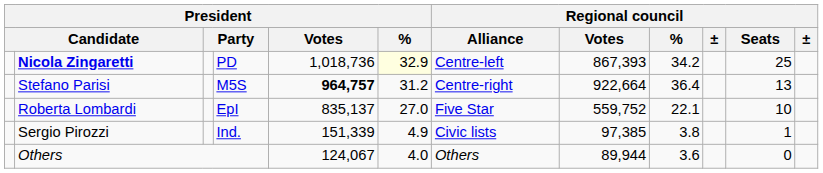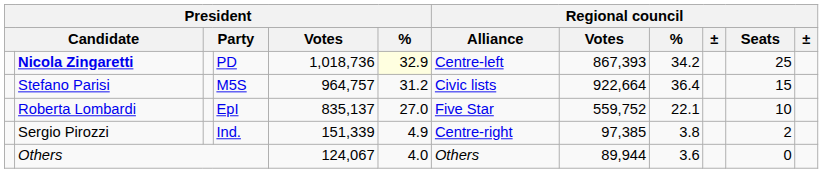 <table class="wikitable" style="text-align:right; style="width=70%">
 <tr>
 <th colspan="6">President</th>
 <th colspan="6">Regional council</th>
 </tr>
 <tr>
 <th colspan="2">Candidate</th>
 <th colspan="2">Party</th>
 <th>Votes</th>
 <th>%</th>
 <th>Alliance</th>
 <th>Votes</th>
 <th>%</th>
 <th>±</th>
 <th>Seats</th>
 <th>±</th>
 </tr>
 <tr>
 <td></td>
 <td style="text-align:left"><strong><a href='#'>Nicola Zingaretti</a></strong></td>
 <td></td>
 <td style="text-align:left"><a href='#'>PD</a></td>
 <td>1,018,736</td>
 <td style="background: lightyellow;">32.9</td>
 <td style="text-align:left"><a href='#'>Centre-left</a></td>
 <td>867,393</td>
 <td>34.2</td>
 <td></td>
 <td>25</td>
 <td></td>
 </tr>
 <tr>
 <td></td>
 <td style="text-align:left"><a href='#'>Stefano Parisi</a></td>
 <td></td>
 <td style="text-align:left"><a href='#'>M5S</a></td>
-<td><strong>964,757</strong></td>
+<td>964,757</td>
 <td>31.2</td>
-<td style="text-align:left"><a href='#'>Centre-right</a></td>
+<td style="text-align:left"><a href='#'>Civic lists</a></td>
 <td>922,664</td>
 <td>36.4</td>
 <td></td>
-<td>13</td>
+<td>15</td>
 <td></td>
 </tr>
 <tr>
 <td></td>
 <td style="text-align:left"><a href='#'>Roberta Lombardi</a></td>
 <td></td>
 <td style="text-align:left"><a href='#'>EpI</a></td>
 <td>835,137</td>
 <td>27.0</td>
 <td style="text-align:left"><a href='#'>Five Star</a></td>
 <td>559,752</td>
 <td>22.1</td>
 <td></td>
 <td>10</td>
 <td></td>
 </tr>
 <tr>
 <td></td>
 <td style="text-align:left">Sergio Pirozzi</td>
 <td></td>
 <td style="text-align:left"><a href='#'>Ind.</a></td>
 <td>151,339</td>
 <td>4.9</td>
-<td style="text-align:left"><a href='#'>Civic lists</a></td>
+<td style="text-align:left"><a href='#'>Centre-right</a></td>
 <td>97,385</td>
 <td>3.8</td>
 <td></td>
-<td>1</td>
+<td>2</td>
 <td></td>
 </tr>
 <tr>
 <td></td>
 <td colspan="3" style="text-align:left"><em>Others</em></td>
 <td>124,067</td>
 <td>4.0</td>
 <td style="text-align:left"><em>Others</em></td>
 <td>89,944</td>
 <td>3.6</td>
 <td></td>
 <td>0</td>
 <td></td>
 </tr>
 </table>
